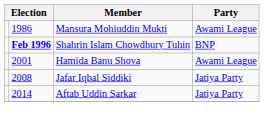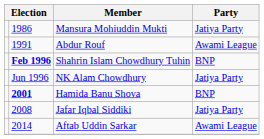 <table class="wikitable">
 <tr>
 <th colspan="2">Election</th>
 <th>Member</th>
 <th>Party</th>
 </tr>
 <tr>
 <td style="background-color:"></td>
 <td><a href='#'>1986</a></td>
 <td><a href='#'>Mansura Mohiuddin Mukti</a></td>
+<td><a href='#'>Jatiya Party</a></td>
+</tr>
+<tr>
+<td style="background-color:"></td>
+<td><a href='#'>1991</a></td>
+<td><a href='#'>Abdur Rouf</a></td>
 <td><a href='#'>Awami League</a></td>
 </tr>
 <tr>
 <td style="background-color:"></td>
 <td><strong><a href='#'>Feb 1996</a></strong></td>
 <td><a href='#'>Shahrin Islam Chowdhury Tuhin</a></td>
 <td><a href='#'>BNP</a></td>
 </tr>
 <tr>
 <td style="background-color:"></td>
-<td><a href='#'>2001</a></td>
+<td><a href='#'>Jun 1996</a></td>
+<td><a href='#'>NK Alam Chowdhury</a></td>
+<td><a href='#'>Jatiya Party</a></td>
+</tr>
+<tr>
+<td style="background-color:"></td>
+<td><strong><a href='#'>2001</a></strong></td>
 <td><a href='#'>Hamida Banu Shova</a></td>
-<td><a href='#'>Awami League</a></td>
+<td><a href='#'>BNP</a></td>
 </tr>
 <tr>
 <td style="background-color:"></td>
 <td><a href='#'>2008</a></td>
 <td><a href='#'>Jafar Iqbal Siddiki</a></td>
 <td><a href='#'>Jatiya Party</a></td>
 </tr>
 <tr>
 <td style="background-color:"></td>
 <td><a href='#'>2014</a></td>
 <td><a href='#'>Aftab Uddin Sarkar</a></td>
-<td><a href='#'>Jatiya Party</a></td>
+<td><a href='#'>Awami League</a></td>
 </tr>
 <tr>
 </tr>
 </table>
